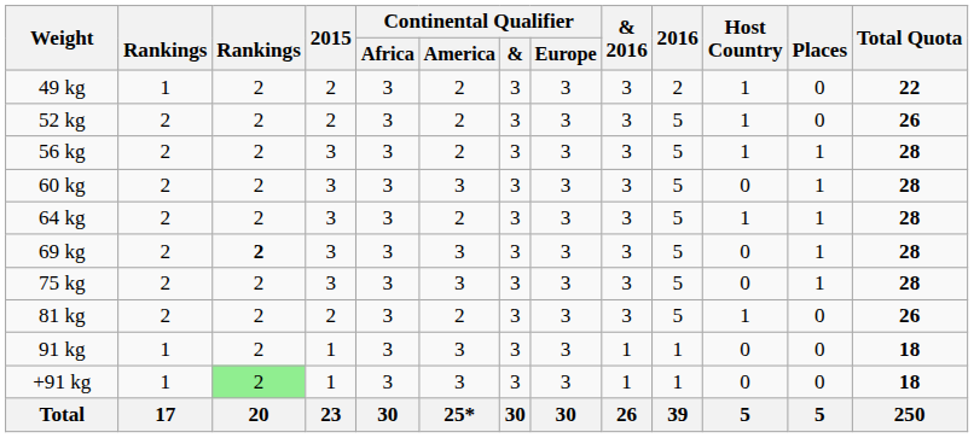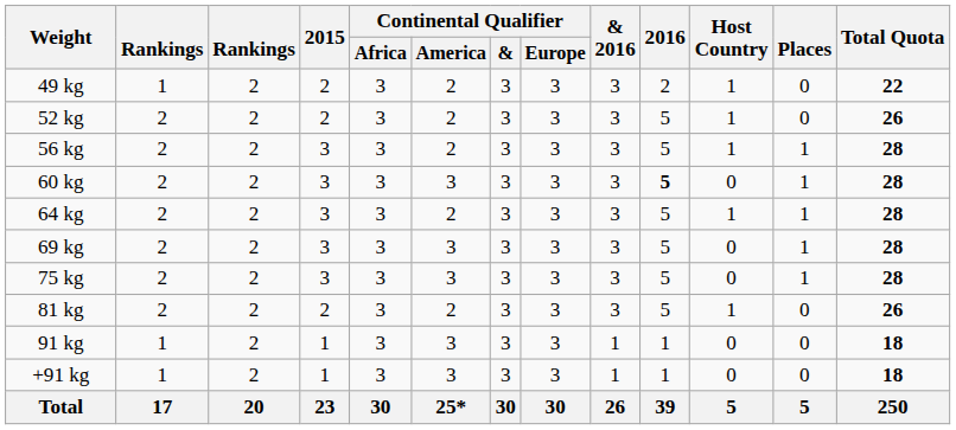 <table class="wikitable" style="text-align:center;">
 <tr>
 <th width=80 rowspan=2>Weight</th>
 <th rowspan=2><br>Rankings</th>
 <th rowspan=2><br>Rankings</th>
 <th rowspan=2> 2015</th>
 <th colspan=4>Continental Qualifier</th>
 <th rowspan=2> & <br>2016</th>
 <th rowspan=2> 2016</th>
 <th rowspan=2>Host<br>Country</th>
 <th rowspan=2><br>Places</th>
 <th rowspan=2>Total Quota</th>
 </tr>
 <tr style="font-size:95%">
 <th>Africa</th>
 <th>America</th>
 <th> & </th>
 <th>Europe</th>
 </tr>
 <tr>
 <td>49 kg</td>
 <td>1</td>
 <td>2</td>
 <td>2</td>
 <td>3</td>
 <td>2</td>
 <td>3</td>
 <td>3</td>
 <td>3</td>
 <td>2</td>
 <td>1</td>
 <td>0</td>
 <td><strong>22</strong></td>
 </tr>
 <tr>
 <td>52 kg</td>
 <td>2</td>
 <td>2</td>
 <td>2</td>
 <td>3</td>
 <td>2</td>
 <td>3</td>
 <td>3</td>
 <td>3</td>
 <td>5</td>
 <td>1</td>
 <td>0</td>
 <td><strong>26</strong></td>
 </tr>
 <tr>
 <td>56 kg</td>
 <td>2</td>
 <td>2</td>
 <td>3</td>
 <td>3</td>
 <td>2</td>
 <td>3</td>
 <td>3</td>
 <td>3</td>
 <td>5</td>
 <td>1</td>
 <td>1</td>
 <td><strong>28</strong></td>
 </tr>
 <tr>
 <td>60 kg</td>
 <td>2</td>
 <td>2</td>
 <td>3</td>
 <td>3</td>
 <td>3</td>
 <td>3</td>
 <td>3</td>
 <td>3</td>
-<td>5</td>
+<td><strong>5</strong></td>
 <td>0</td>
 <td>1</td>
 <td><strong>28</strong></td>
 </tr>
 <tr>
 <td>64 kg</td>
 <td>2</td>
 <td>2</td>
 <td>3</td>
 <td>3</td>
 <td>2</td>
 <td>3</td>
 <td>3</td>
 <td>3</td>
 <td>5</td>
 <td>1</td>
 <td>1</td>
 <td><strong>28</strong></td>
 </tr>
 <tr>
 <td>69 kg</td>
 <td>2</td>
-<td><strong>2</strong></td>
+<td>2</td>
 <td>3</td>
 <td>3</td>
 <td>3</td>
 <td>3</td>
 <td>3</td>
 <td>3</td>
 <td>5</td>
 <td>0</td>
 <td>1</td>
 <td><strong>28</strong></td>
 </tr>
 <tr>
 <td>75 kg</td>
 <td>2</td>
 <td>2</td>
 <td>3</td>
 <td>3</td>
 <td>3</td>
 <td>3</td>
 <td>3</td>
 <td>3</td>
 <td>5</td>
 <td>0</td>
 <td>1</td>
 <td><strong>28</strong></td>
 </tr>
 <tr>
 <td>81 kg</td>
 <td>2</td>
 <td>2</td>
 <td>2</td>
 <td>3</td>
 <td>2</td>
 <td>3</td>
 <td>3</td>
 <td>3</td>
 <td>5</td>
 <td>1</td>
 <td>0</td>
 <td><strong>26</strong></td>
 </tr>
 <tr>
 <td>91 kg</td>
 <td>1</td>
 <td>2</td>
 <td>1</td>
 <td>3</td>
 <td>3</td>
 <td>3</td>
 <td>3</td>
 <td>1</td>
 <td>1</td>
 <td>0</td>
 <td>0</td>
 <td><strong>18</strong></td>
 </tr>
 <tr>
 <td>+91 kg</td>
 <td>1</td>
-<td style="background: lightgreen;">2</td>
+<td>2</td>
 <td>1</td>
 <td>3</td>
 <td>3</td>
 <td>3</td>
 <td>3</td>
 <td>1</td>
 <td>1</td>
 <td>0</td>
 <td>0</td>
 <td><strong>18</strong></td>
 </tr>
 <tr>
 <th>Total</th>
 <th>17</th>
 <th>20</th>
 <th>23</th>
 <th>30</th>
 <th>25*</th>
 <th>30</th>
 <th>30</th>
 <th>26</th>
 <th>39</th>
 <th>5</th>
 <th>5</th>
 <th>250</th>
 </tr>
 </table>
